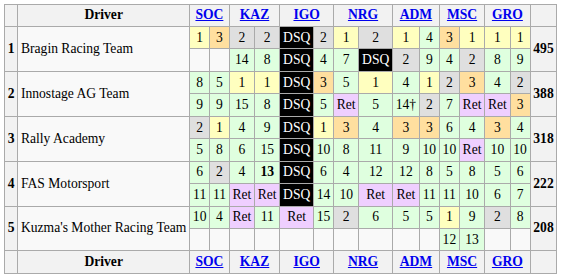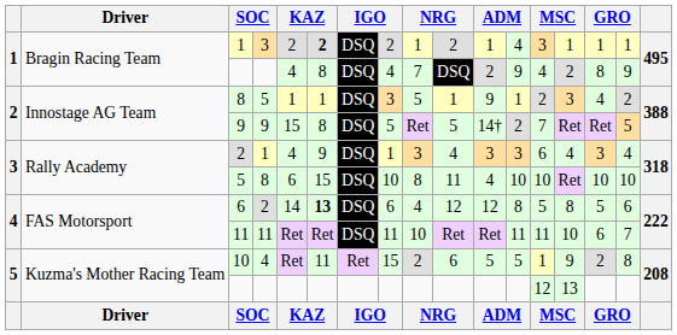 <table align=left| class="wikitable" style="font-size: 85%; text-align: center">
 <tr valign="top">
 <th valign="middle"></th>
 <th valign="middle">Driver</th>
 <th colspan=2><a href='#'>SOC</a></th>
 <th colspan=2><a href='#'>KAZ</a></th>
 <th colspan=2><a href='#'>IGO</a></th>
 <th colspan=2><a href='#'>NRG</a></th>
 <th colspan=2><a href='#'>ADM</a></th>
 <th colspan=2><a href='#'>MSC</a></th>
 <th colspan=2><a href='#'>GRO</a></th>
 <th valign="middle"></th>
 </tr>
 <tr>
 <th rowspan="2">1</th>
 <td rowspan="2" align=left>Bragin Racing Team</td>
 <td style="background:#ffffbf;">1</td>
 <td style="background:#ffdf9f;">3</td>
 <td style="background:#dfdfdf;">2</td>
-<td style="background:#dfdfdf;">2</td>
+<td style="background:#dfdfdf;"><strong>2</strong></td>
 <td style="background-color:#000000;color:white">DSQ</td>
 <td style="background:#dfdfdf;">2</td>
 <td style="background:#ffffbf;">1</td>
 <td style="background:#dfdfdf;">2</td>
 <td style="background:#ffffbf;">1</td>
 <td style="background:#dfffdf;">4</td>
 <td style="background:#ffdf9f;">3</td>
 <td style="background:#ffffbf;">1</td>
 <td style="background:#ffffbf;">1</td>
 <td style="background:#ffffbf;">1</td>
 <th rowspan="2">495</th>
 </tr>
 <tr>
 <td></td>
 <td></td>
-<td style="background:#dfffdf;">14</td>
+<td style="background:#dfffdf;">4</td>
 <td style="background:#dfffdf;">8</td>
 <td style="background-color:#000000;color:white">DSQ</td>
 <td style="background:#dfffdf;">4</td>
 <td style="background:#dfffdf;">7</td>
 <td style="background-color:#000000;color:white">DSQ</td>
 <td style="background:#dfdfdf;">2</td>
 <td style="background:#dfffdf;">9</td>
 <td style="background:#dfffdf;">4</td>
 <td style="background:#dfdfdf;">2</td>
 <td style="background:#dfffdf;">8</td>
 <td style="background:#dfffdf;">9</td>
 </tr>
 <tr>
 <th rowspan="2">2</th>
 <td rowspan="2" align=left>Innostage AG Team</td>
 <td style="background:#dfffdf;">8</td>
 <td style="background:#dfffdf;">5</td>
 <td style="background:#ffffbf;">1</td>
 <td style="background:#ffffbf;">1</td>
 <td style="background-color:#000000;color:white">DSQ</td>
 <td style="background:#ffdf9f;">3</td>
 <td style="background:#dfffdf;">5</td>
 <td style="background:#ffffbf;">1</td>
-<td style="background:#dfffdf;">4</td>
+<td style="background:#dfffdf;">9</td>
 <td style="background:#ffffbf;">1</td>
 <td style="background:#dfdfdf;">2</td>
 <td style="background:#ffdf9f;">3</td>
 <td style="background:#dfffdf;">4</td>
 <td style="background:#dfdfdf;">2</td>
 <th rowspan="2">388</th>
 </tr>
 <tr>
 <td style="background:#dfffdf;">9</td>
 <td style="background:#dfffdf;">9</td>
 <td style="background:#dfffdf;">15</td>
 <td style="background:#dfffdf;">8</td>
 <td style="background-color:#000000;color:white">DSQ</td>
 <td style="background:#dfffdf;">5</td>
 <td style="background:#efcfff;">Ret</td>
 <td style="background:#dfffdf;">5</td>
 <td style="background:#dfffdf;">14†</td>
 <td style="background:#dfdfdf;">2</td>
 <td style="background:#dfffdf;">7</td>
 <td style="background:#efcfff;">Ret</td>
 <td style="background:#efcfff;">Ret</td>
-<td style="background:#ffdf9f;">3</td>
+<td style="background:#ffdf9f;">5</td>
 </tr>
 <tr>
 <th rowspan="2">3</th>
 <td rowspan="2" align=left>Rally Academy</td>
 <td style="background:#dfdfdf;">2</td>
 <td style="background:#ffffbf;">1</td>
 <td style="background:#dfffdf;">4</td>
 <td style="background:#dfffdf;">9</td>
 <td style="background-color:#000000;color:white">DSQ</td>
 <td style="background:#ffffbf;">1</td>
 <td style="background:#ffdf9f;">3</td>
 <td style="background:#dfffdf;">4</td>
 <td style="background:#ffdf9f;">3</td>
 <td style="background:#ffdf9f;">3</td>
 <td style="background:#dfffdf;">6</td>
 <td style="background:#dfffdf;">4</td>
 <td style="background:#ffdf9f;">3</td>
 <td style="background:#dfffdf;">4</td>
 <th rowspan="2">318</th>
 </tr>
 <tr>
 <td style="background:#dfffdf;">5</td>
 <td style="background:#dfffdf;">8</td>
 <td style="background:#dfffdf;">6</td>
 <td style="background:#dfffdf;">15</td>
 <td style="background-color:#000000;color:white">DSQ</td>
 <td style="background:#dfffdf;">10</td>
 <td style="background:#dfffdf;">8</td>
 <td style="background:#dfffdf;">11</td>
-<td style="background:#dfffdf;">9</td>
+<td style="background:#dfffdf;">4</td>
 <td style="background:#dfffdf;">10</td>
 <td style="background:#dfffdf;">10</td>
 <td style="background:#efcfff;">Ret</td>
 <td style="background:#dfffdf;">10</td>
 <td style="background:#dfffdf;">10</td>
 </tr>
 <tr>
 <th rowspan="2">4</th>
 <td rowspan="2" align=left>FAS Motorsport</td>
 <td style="background:#dfffdf;">6</td>
 <td style="background:#dfdfdf;">2</td>
-<td style="background:#dfffdf;">4</td>
+<td style="background:#dfffdf;">14</td>
 <td style="background:#dfffdf;"><strong>13</strong></td>
 <td style="background-color:#000000;color:white">DSQ</td>
 <td style="background:#dfffdf;">6</td>
 <td style="background:#dfffdf;">4</td>
 <td style="background:#dfffdf;">12</td>
 <td style="background:#dfffdf;">12</td>
 <td style="background:#dfffdf;">8</td>
 <td style="background:#dfffdf;">5</td>
 <td style="background:#dfffdf;">8</td>
 <td style="background:#dfffdf;">5</td>
 <td style="background:#dfffdf;">6</td>
 <th rowspan="2">222</th>
 </tr>
 <tr>
 <td style="background:#dfffdf;">11</td>
 <td style="background:#dfffdf;">11</td>
 <td style="background:#efcfff;">Ret</td>
 <td style="background:#efcfff;">Ret</td>
 <td style="background-color:#000000;color:white">DSQ</td>
-<td style="background:#dfffdf;">14</td>
+<td style="background:#dfffdf;">11</td>
 <td style="background:#dfffdf;">10</td>
 <td style="background:#efcfff;">Ret</td>
 <td style="background:#efcfff;">Ret</td>
 <td style="background:#dfffdf;">11</td>
 <td style="background:#dfffdf;">11</td>
 <td style="background:#dfffdf;">10</td>
 <td style="background:#dfffdf;">6</td>
 <td style="background:#dfffdf;">7</td>
 </tr>
 <tr>
 <th rowspan="2">5</th>
 <td rowspan="2" align=left>Kuzma's Mother Racing Team</td>
 <td style="background:#dfffdf;">10</td>
 <td style="background:#dfffdf;">4</td>
 <td style="background:#efcfff;">Ret</td>
 <td style="background:#dfffdf;">11</td>
 <td style="background:#efcfff;">Ret</td>
 <td style="background:#dfffdf;">15</td>
 <td style="background:#dfdfdf;">2</td>
 <td style="background:#dfffdf;">6</td>
 <td style="background:#dfffdf;">5</td>
 <td style="background:#dfffdf;">5</td>
 <td style="background:#ffffbf;">1</td>
 <td style="background:#dfffdf;">9</td>
 <td style="background:#dfdfdf;">2</td>
 <td style="background:#dfffdf;">8</td>
 <th rowspan="2">208</th>
 </tr>
 <tr>
 <td></td>
 <td></td>
 <td></td>
 <td></td>
 <td></td>
 <td></td>
 <td></td>
 <td></td>
 <td></td>
 <td></td>
 <td style="background:#dfffdf;">12</td>
 <td style="background:#dfffdf;">13</td>
 <td></td>
 <td></td>
 </tr>
 <tr>
 <th valign="middle"></th>
 <th valign="middle">Driver</th>
 <th colspan=2><a href='#'>SOC</a></th>
 <th colspan=2><a href='#'>KAZ</a></th>
 <th colspan=2><a href='#'>IGO</a></th>
 <th colspan=2><a href='#'>NRG</a></th>
 <th colspan=2><a href='#'>ADM</a></th>
 <th colspan=2><a href='#'>MSC</a></th>
 <th colspan=2><a href='#'>GRO</a></th>
 <th valign="middle"></th>
 </tr>
 </table>
